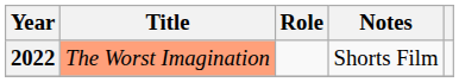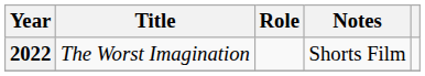 <table class="wikitable sortable plainrowheaders">
 <tr>
 <th scope="col">Year</th>
 <th scope="col">Title</th>
 <th scope="col">Role</th>
 <th scope="col">Notes</th>
 <th scope="col" class="unsortable"></th>
 </tr>
 <tr>
 <th scope="row">2022</th>
-<td style="background: lightsalmon;"><em>The Worst Imagination</em></td>
+<td><em>The Worst Imagination</em></td>
 <td></td>
 <td>Shorts Film</td>
 <td></td>
 </tr>
 <tr>
 </tr>
 </table>
